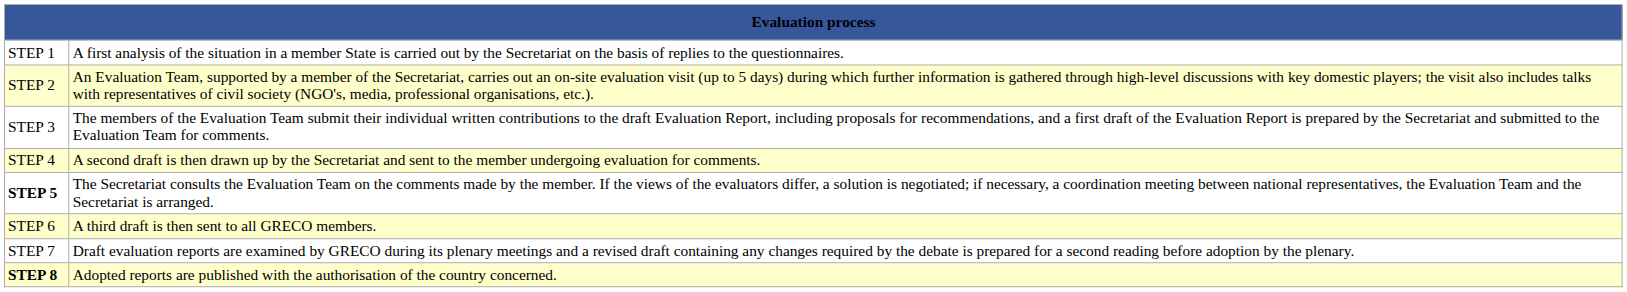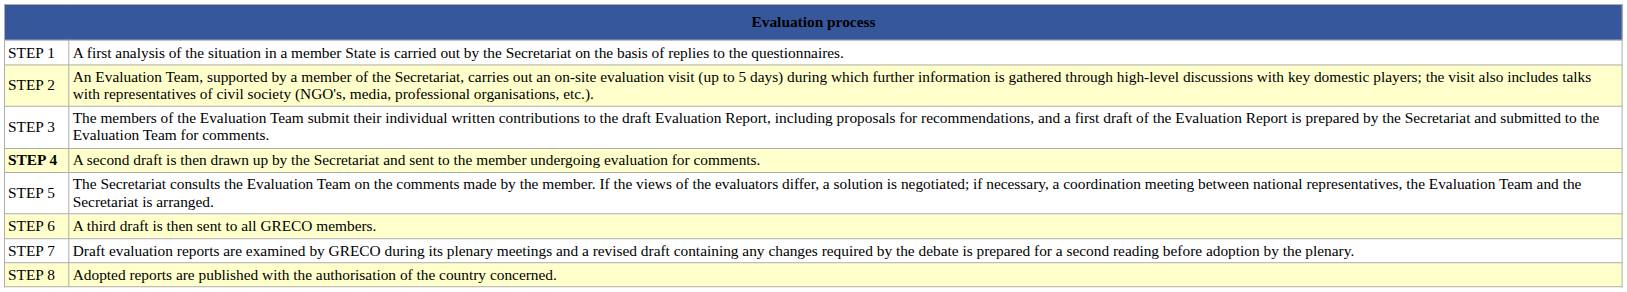 <table class="wikitable" width="85%" border="0" cellspacing="0" style="border: 1px #c0c0c0 solid;">
 <tr>
 <td colspan="2" bgcolor="#36579c" height="30" align="center"><span><strong>Evaluation process</strong></span></td>
 </tr>
 <tr>
 <td bgcolor="#FFFFFF" width="60">STEP 1</td>
 <td bgcolor="#FFFFFF">A first analysis of the situation in a member State is carried out by the Secretariat on the basis of replies to the questionnaires.</td>
 </tr>
 <tr>
 <td bgcolor="#FFFFCC">STEP 2</td>
 <td bgcolor="#FFFFCC">An Evaluation Team, supported by a member of the Secretariat, carries out an on-site evaluation visit (up to 5 days) during which further information is gathered through high-level discussions with key domestic players; the visit also includes talks with representatives of civil society (NGO's, media, professional organisations, etc.).</td>
 </tr>
 <tr>
 <td bgcolor="#FFFFFF">STEP 3</td>
 <td bgcolor="#FFFFFF">The members of the Evaluation Team submit their individual written contributions to the draft Evaluation Report, including proposals for recommendations, and a first draft of the Evaluation Report is prepared by the Secretariat and submitted to the Evaluation Team for comments.</td>
 </tr>
 <tr>
-<td bgcolor="#FFFFCC">STEP 4</td>
+<td bgcolor="#FFFFCC"><strong>STEP 4</strong></td>
 <td bgcolor="#FFFFCC">A second draft is then drawn up by the Secretariat and sent to the member undergoing evaluation for comments.</td>
 </tr>
 <tr>
-<td bgcolor="#FFFFFF"><strong>STEP 5</strong></td>
+<td bgcolor="#FFFFFF">STEP 5</td>
 <td bgcolor="#FFFFFF">The Secretariat consults the Evaluation Team on the comments made by the member. If the views of the evaluators differ, a solution is negotiated; if necessary, a coordination meeting between national representatives, the Evaluation Team and the Secretariat is arranged.</td>
 </tr>
 <tr>
 <td bgcolor="#FFFFCC">STEP 6</td>
 <td bgcolor="#FFFFCC">A third draft is then sent to all GRECO members.</td>
 </tr>
 <tr>
 <td bgcolor="#FFFFFF">STEP 7</td>
 <td bgcolor="#FFFFFF">Draft evaluation reports are examined by GRECO during its plenary meetings and a revised draft containing any changes required by the debate is prepared for a second reading before adoption by the plenary.</td>
 </tr>
 <tr>
-<td bgcolor="#FFFFCC"><strong>STEP 8</strong></td>
+<td bgcolor="#FFFFCC">STEP 8</td>
 <td bgcolor="#FFFFCC">Adopted reports are published with the authorisation of the country concerned.</td>
 </tr>
 </table>
